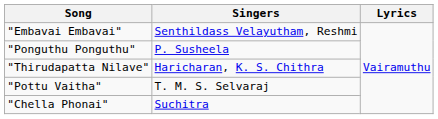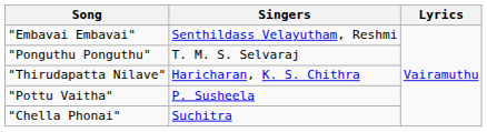 <table class="wikitable" style="font-size:95%;">
 <tr>
 <th>Song</th>
 <th>Singers</th>
 <th>Lyrics</th>
 </tr>
 <tr>
 <td>"Embavai Embavai"</td>
 <td><a href='#'>Senthildass Velayutham</a>, Reshmi</td>
 <td rowspan=5><a href='#'>Vairamuthu</a></td>
 </tr>
 <tr>
 <td>"Ponguthu Ponguthu"</td>
-<td><a href='#'>P. Susheela</a></td>
+<td>T. M. S. Selvaraj</td>
 </tr>
 <tr>
 <td>"Thirudapatta Nilave"</td>
 <td><a href='#'>Haricharan</a>, <a href='#'>K. S. Chithra</a></td>
 </tr>
 <tr>
 <td>"Pottu Vaitha"</td>
-<td>T. M. S. Selvaraj</td>
+<td><a href='#'>P. Susheela</a></td>
 </tr>
 <tr>
 <td>"Chella Phonai"</td>
 <td><a href='#'>Suchitra</a></td>
 </tr>
 </table>
